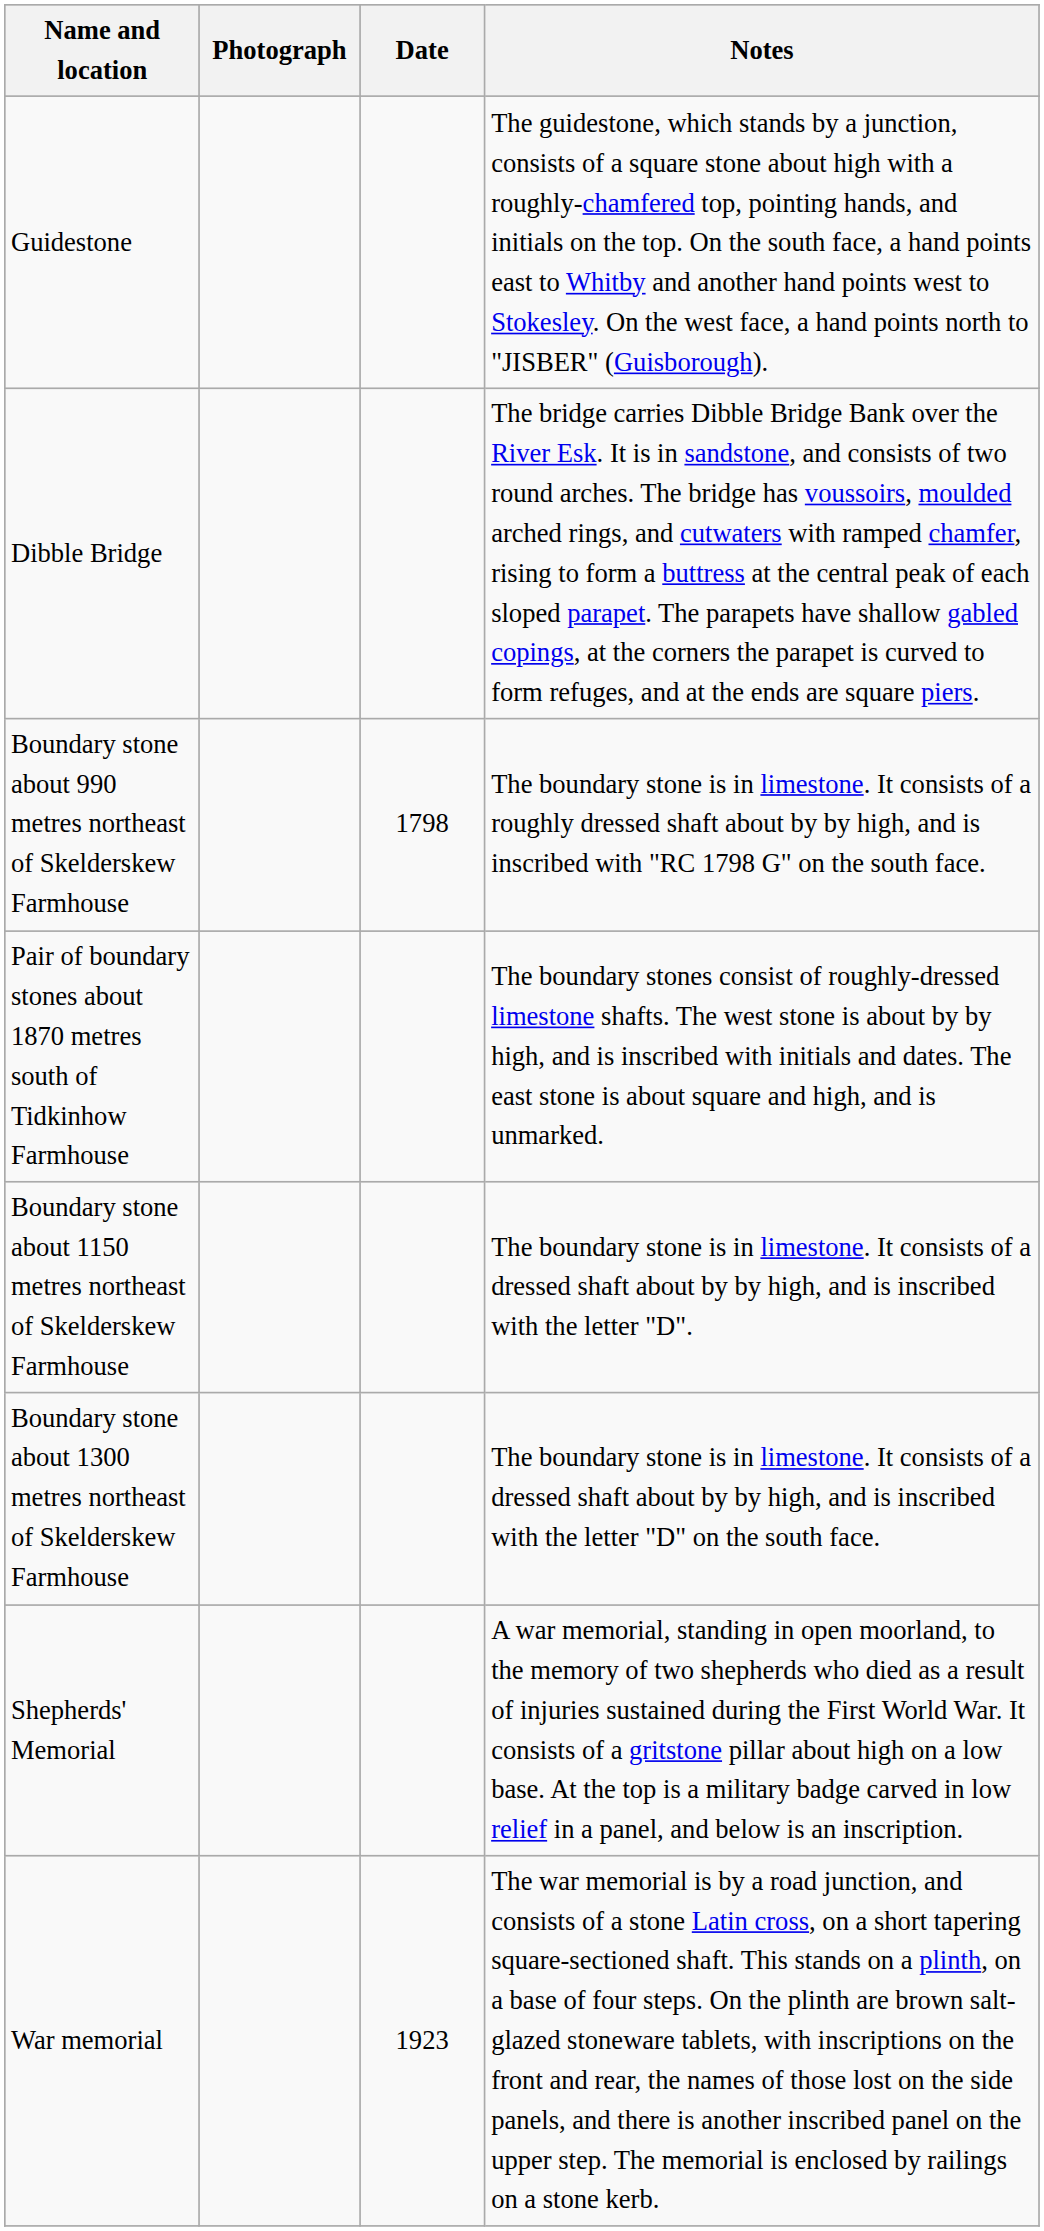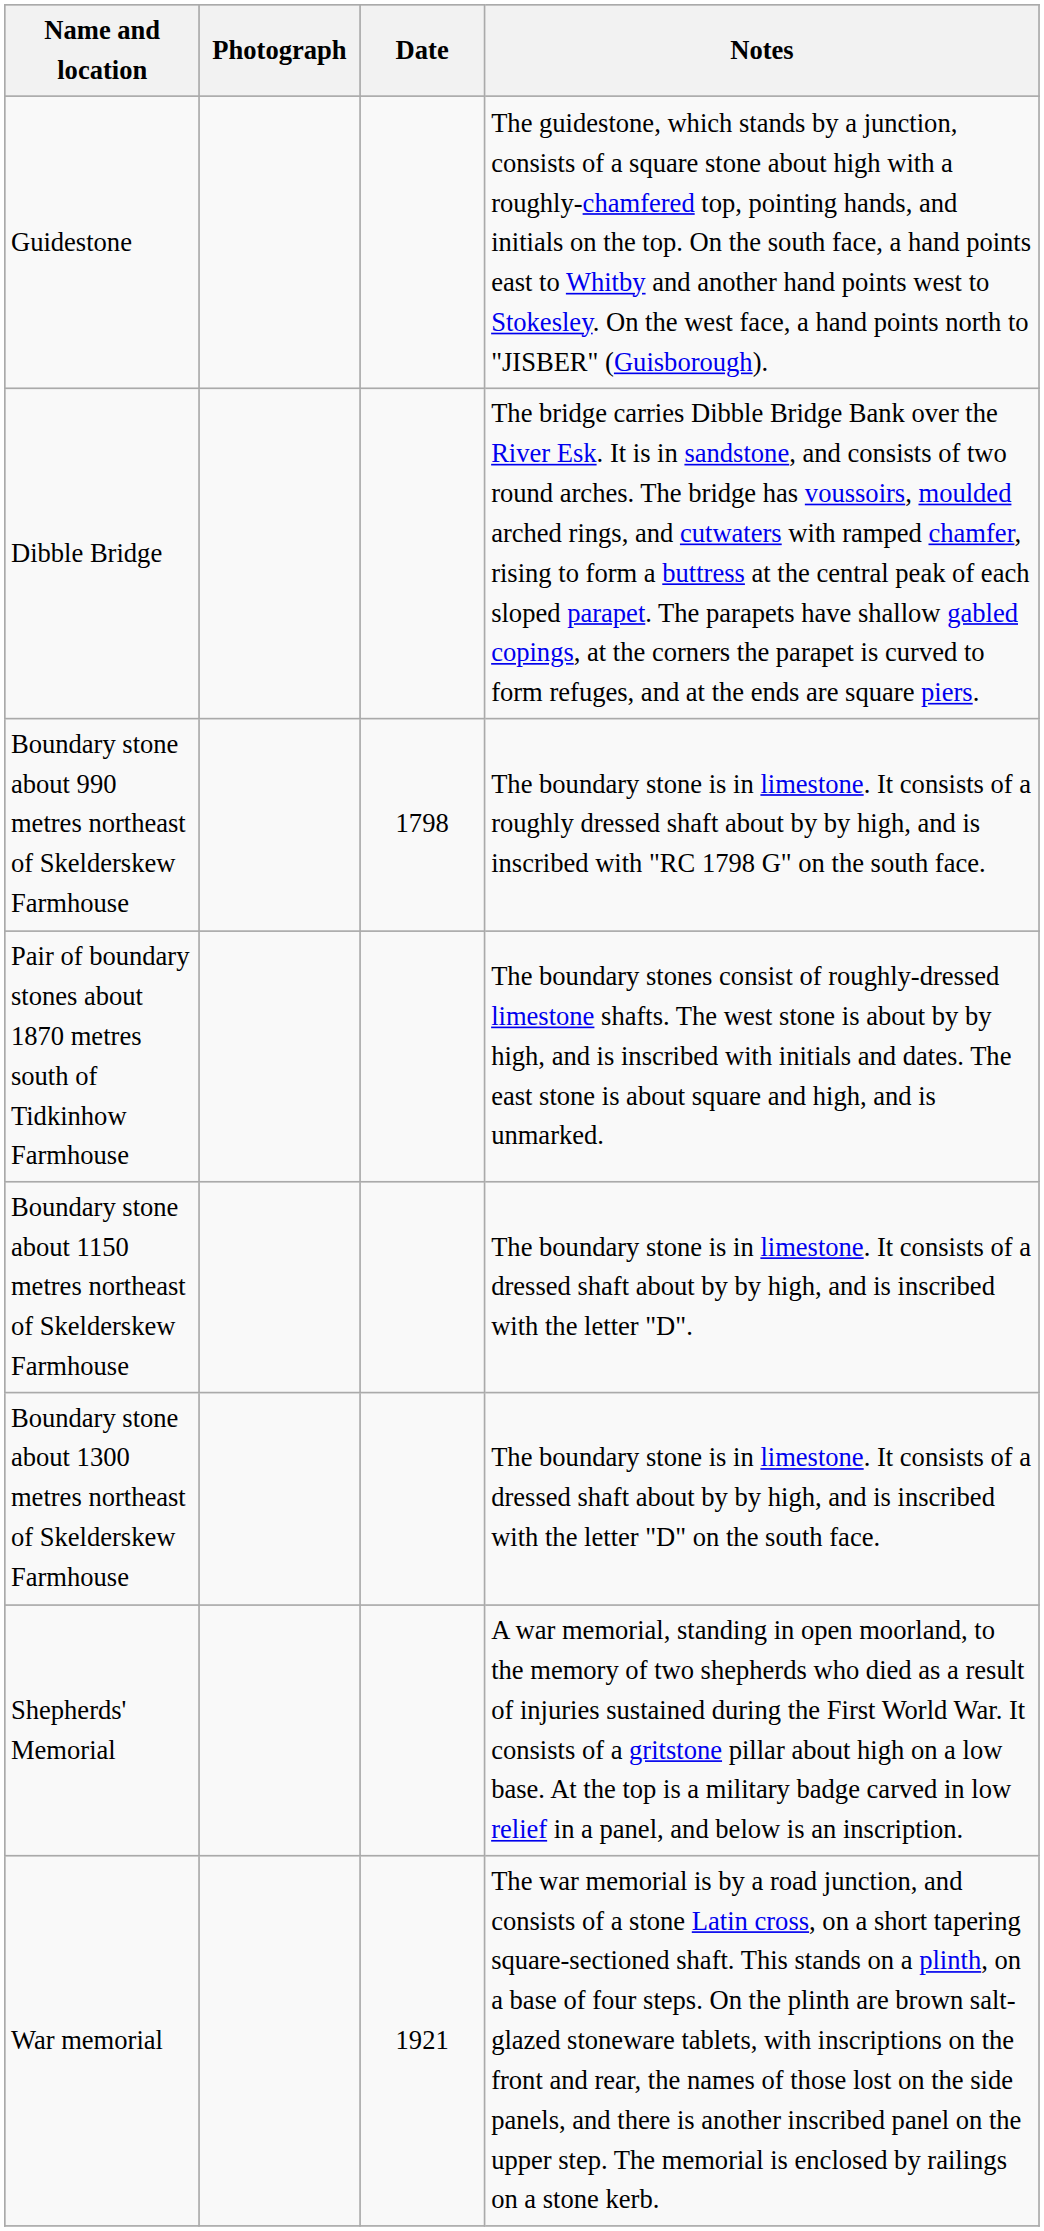 <table class="wikitable sortable plainrowheaders" style="width:100%;border:0px;text-align:left;line-height:150%;">
 <tr>
 <th scope="col"  style="width:150px">Name and location</th>
 <th scope="col"  style="width:100px" class="unsortable">Photograph</th>
 <th scope="col"  style="width:120px">Date</th>
 <th scope="col"  style="width:650px" class="unsortable">Notes</th>
 </tr>
 <tr>
 <td>Guidestone<br><small></small></td>
 <td></td>
 <td align="center"></td>
 <td>The guidestone, which stands by a junction, consists of a square stone about  high with a roughly-<a href='#'>chamfered</a> top, pointing hands, and initials on the top.  On the south face, a hand points east to <a href='#'>Whitby</a> and another hand points west to <a href='#'>Stokesley</a>.  On the west face, a hand points north to "JISBER" (<a href='#'>Guisborough</a>).</td>
 </tr>
 <tr>
 <td>Dibble Bridge<br><small></small></td>
 <td></td>
 <td align="center"></td>
 <td>The bridge carries Dibble Bridge Bank over the <a href='#'>River Esk</a>.  It is in <a href='#'>sandstone</a>, and consists of two round arches.  The bridge has <a href='#'>voussoirs</a>, <a href='#'>moulded</a> arched rings, and <a href='#'>cutwaters</a> with ramped <a href='#'>chamfer</a>, rising to form a <a href='#'>buttress</a> at the central peak of each sloped <a href='#'>parapet</a>. The parapets have shallow <a href='#'>gabled</a> <a href='#'>copings</a>, at the corners the parapet is curved to form refuges, and at the ends are square <a href='#'>piers</a>.</td>
 </tr>
 <tr>
 <td>Boundary stone about 990 metres northeast of Skelderskew Farmhouse<br><small></small></td>
 <td></td>
 <td align="center">1798</td>
 <td>The boundary stone is in <a href='#'>limestone</a>.  It consists of a roughly dressed shaft about  by  by  high, and is inscribed with "RC 1798 G" on the south face.</td>
 </tr>
 <tr>
 <td>Pair of boundary stones about 1870 metres south of Tidkinhow Farmhouse<br><small></small></td>
 <td></td>
 <td align="center"></td>
 <td>The boundary stones consist of roughly-dressed <a href='#'>limestone</a> shafts.  The west stone is about  by  by  high, and is inscribed with initials and dates.  The east stone is about  square and  high, and is unmarked.</td>
 </tr>
 <tr>
 <td>Boundary stone about 1150 metres northeast of Skelderskew Farmhouse<br><small></small></td>
 <td></td>
 <td align="center"></td>
 <td>The boundary stone is in <a href='#'>limestone</a>.  It consists of a dressed shaft about  by  by  high, and is inscribed with the letter "D".</td>
 </tr>
 <tr>
 <td>Boundary stone about 1300 metres northeast of Skelderskew Farmhouse<br><small></small></td>
 <td></td>
 <td align="center"></td>
 <td>The boundary stone is in <a href='#'>limestone</a>.  It consists of a dressed shaft about  by  by  high, and is inscribed with the letter "D" on the south face.</td>
 </tr>
 <tr>
 <td>Shepherds' Memorial<br><small></small></td>
 <td></td>
 <td align="center"></td>
 <td>A war memorial, standing in open moorland, to the memory of two shepherds who died as a result of injuries sustained during the First World War.  It consists of a <a href='#'>gritstone</a> pillar about  high on a low base.  At the top is a military badge carved in low <a href='#'>relief</a> in a panel, and below is an inscription.</td>
 </tr>
 <tr>
 <td>War memorial<br><small></small></td>
 <td></td>
-<td align="center">1923</td>
+<td align="center">1921</td>
 <td>The war memorial is by a road junction, and consists of a stone <a href='#'>Latin cross</a>, on a short tapering square-sectioned shaft.   This stands on a <a href='#'>plinth</a>, on a base of four steps.  On the plinth are brown salt-glazed stoneware tablets, with inscriptions on the front and rear, the names of those lost on the side panels, and there is another inscribed panel on the upper step.  The memorial is enclosed by railings on a stone kerb.</td>
 </tr>
 <tr>
 </tr>
 </table>
